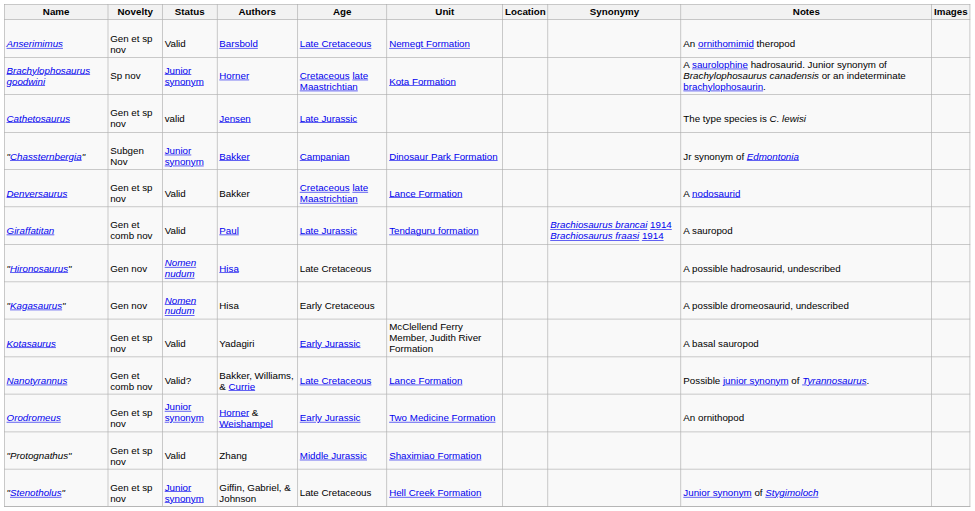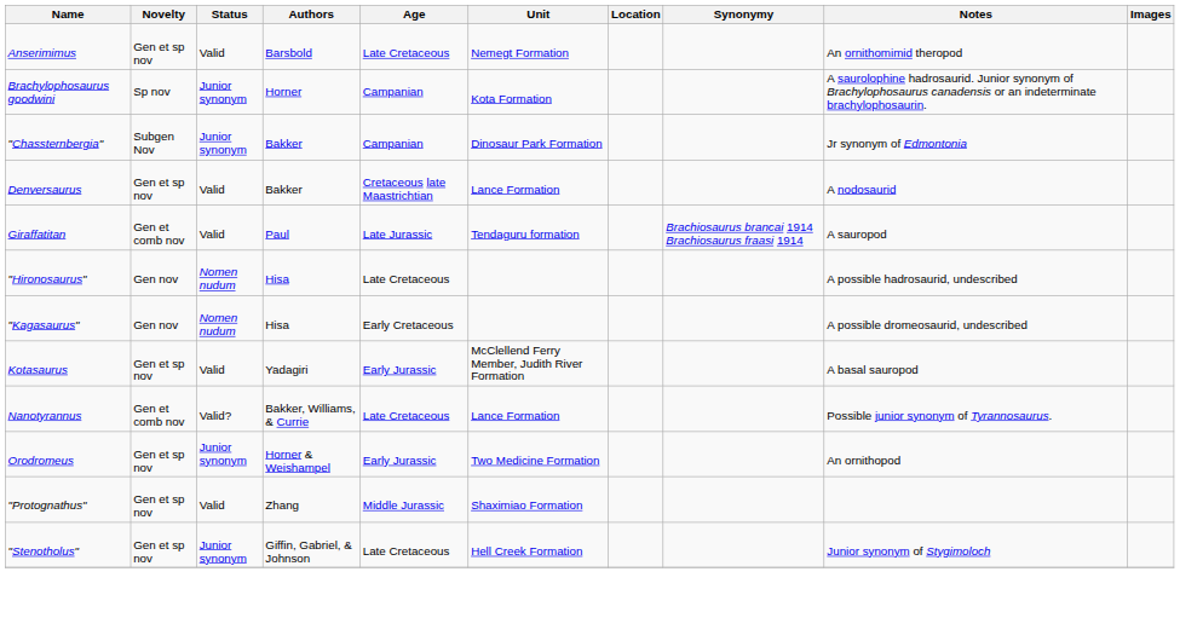 <table class="wikitable sortable" align="center" width="100%">
 <tr>
 <th style=max-width:3em>Name</th>
 <th>Novelty</th>
 <th>Status</th>
 <th>Authors</th>
 <th>Age</th>
 <th>Unit</th>
 <th>Location</th>
 <th>Synonymy</th>
 <th>Notes</th>
 <th>Images</th>
 </tr>
 <tr>
 <td><br><em><a href='#'>Anserimimus</a></em></td>
 <td><br>Gen et sp nov</td>
 <td><br>Valid</td>
 <td><br><a href='#'>Barsbold</a></td>
 <td><br><a href='#'>Late Cretaceous</a></td>
 <td><br><a href='#'>Nemegt Formation</a></td>
 <td><br></td>
 <td></td>
 <td><br>An <a href='#'>ornithomimid</a> theropod</td>
 <td><br></td>
 </tr>
 <tr>
 <td><em><a href='#'>Brachylophosaurus goodwini</a></em></td>
 <td>Sp nov</td>
 <td><a href='#'>Junior synonym</a></td>
 <td><a href='#'>Horner</a></td>
-<td><br><a href='#'>Cretaceous</a> <a href='#'>late Maastrichtian</a></td>
+<td><a href='#'>Campanian</a></td>
 <td><br><a href='#'>Kota Formation</a></td>
 <td> </td>
 <td></td>
 <td>A <a href='#'>saurolophine</a> hadrosaurid. Junior synonym of <em>Brachylophosaurus canadensis</em> or an indeterminate <a href='#'>brachylophosaurin</a>.</td>
 <td></td>
-</tr>
-<tr>
-<td><br><em><a href='#'>Cathetosaurus</a></em></td>
-<td><br>Gen et sp nov</td>
-<td><br>valid</td>
-<td><br><a href='#'>Jensen</a></td>
-<td><br><a href='#'>Late Jurassic</a></td>
-<td></td>
-<td><br> </td>
-<td></td>
-<td><br> The type species is <em>C. lewisi</em></td>
-<td><br></td>
 </tr>
 <tr>
 <td><br><em>"<a href='#'>Chassternbergia</a>"</em></td>
 <td><br>Subgen Nov</td>
 <td><br><a href='#'>Junior synonym</a></td>
 <td><br><a href='#'>Bakker</a></td>
 <td><br><a href='#'>Campanian</a></td>
 <td><br><a href='#'>Dinosaur Park Formation</a></td>
 <td><br> </td>
 <td></td>
 <td><br>Jr synonym of <em><a href='#'>Edmontonia</a></em></td>
 <td><br></td>
 </tr>
 <tr>
 <td><br><em><a href='#'>Denversaurus</a></em></td>
 <td><br>Gen et sp nov</td>
 <td><br>Valid</td>
 <td><br>Bakker</td>
 <td><br><a href='#'>Cretaceous</a> <a href='#'>late Maastrichtian</a></td>
 <td><br><a href='#'>Lance Formation</a></td>
 <td><br></td>
 <td></td>
 <td><br>A <a href='#'>nodosaurid</a></td>
 <td><br></td>
 </tr>
 <tr>
 <td><br><em><a href='#'>Giraffatitan</a></em></td>
 <td><br>Gen et comb nov</td>
 <td><br>Valid</td>
 <td><br><a href='#'>Paul</a></td>
 <td><br><a href='#'>Late Jurassic</a></td>
 <td><br><a href='#'>Tendaguru formation</a></td>
 <td><br></td>
 <td><br><em><a href='#'>Brachiosaurus brancai</a></em> <a href='#'>1914</a> <em><a href='#'>Brachiosaurus fraasi</a></em> <a href='#'>1914</a></td>
 <td><br>A sauropod </td>
 <td><br></td>
 </tr>
 <tr>
 <td><br><em>"<a href='#'>Hironosaurus</a>"</em></td>
 <td><br>Gen nov</td>
 <td><br><em><a href='#'>Nomen nudum</a></em></td>
 <td><br><a href='#'>Hisa</a></td>
 <td><br>Late Cretaceous</td>
 <td></td>
 <td><br></td>
 <td></td>
 <td><br>A possible hadrosaurid, undescribed</td>
 <td></td>
 </tr>
 <tr>
 <td><br><em>"<a href='#'>Kagasaurus</a>"</em></td>
 <td><br>Gen nov</td>
 <td><br><em><a href='#'>Nomen nudum</a></em></td>
 <td><br>Hisa</td>
 <td><br>Early Cretaceous</td>
 <td></td>
 <td><br></td>
 <td></td>
 <td><br>A possible dromeosaurid, undescribed</td>
 <td></td>
 </tr>
 <tr>
 <td><br><em><a href='#'>Kotasaurus</a></em></td>
 <td><br>Gen et sp nov</td>
 <td><br>Valid</td>
 <td><br>Yadagiri</td>
 <td><br><a href='#'>Early Jurassic</a></td>
 <td>McClellend Ferry Member, Judith River Formation</td>
 <td><br></td>
 <td></td>
 <td><br>A basal sauropod</td>
 <td></td>
 </tr>
 <tr>
 <td><br><em><a href='#'>Nanotyrannus</a></em></td>
 <td><br>Gen et comb nov</td>
 <td><br>Valid?</td>
 <td><br>Bakker, Williams, & <a href='#'>Currie</a></td>
 <td><br><a href='#'>Late Cretaceous</a></td>
 <td><br><a href='#'>Lance Formation</a></td>
 <td><br> </td>
 <td></td>
 <td><br>Possible <a href='#'>junior synonym</a> of <em><a href='#'>Tyrannosaurus</a></em>.</td>
 <td><br></td>
 </tr>
 <tr>
 <td><br><em><a href='#'>Orodromeus</a></em></td>
 <td><br>Gen et sp nov</td>
 <td><a href='#'>Junior synonym</a></td>
 <td><br><a href='#'>Horner</a> & <a href='#'>Weishampel</a></td>
 <td><br><a href='#'>Early Jurassic</a></td>
 <td><br><a href='#'>Two Medicine Formation</a></td>
 <td></td>
 <td></td>
 <td><br>An ornithopod </td>
 <td><br></td>
 </tr>
 <tr>
 <td><br><em>"Protognathus"</em></td>
 <td><br>Gen et sp nov</td>
 <td><br>Valid</td>
 <td><br>Zhang</td>
 <td><br><a href='#'>Middle Jurassic</a></td>
 <td><br><a href='#'>Shaximiao Formation</a></td>
 <td><br></td>
 <td></td>
 <td><br></td>
 <td></td>
 </tr>
 <tr>
 <td><br><em>"<a href='#'>Stenotholus</a>"</em></td>
 <td><br>Gen et sp nov</td>
 <td><br><a href='#'>Junior synonym</a></td>
 <td><br>Giffin, Gabriel, & Johnson</td>
 <td><br>Late Cretaceous</td>
 <td><br><a href='#'>Hell Creek Formation</a></td>
 <td><br> </td>
 <td></td>
 <td><br><a href='#'>Junior synonym</a> of <em><a href='#'>Stygimoloch</a></em></td>
 <td><br></td>
 </tr>
 <tr>
 </tr>
 </table>
